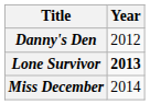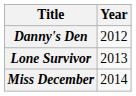 <table class="wikitable plainrowheaders">
 <tr>
 <th>Title</th>
 <th>Year</th>
 </tr>
 <tr>
 <th scope="row"><em>Danny's Den</em></th>
 <td>2012</td>
 </tr>
 <tr>
 <th scope="row"><em>Lone Survivor</em></th>
-<td><strong>2013</strong></td>
+<td>2013</td>
 </tr>
 <tr>
 <th scope="row"><em>Miss December</em></th>
 <td>2014</td>
 </tr>
 </table>
